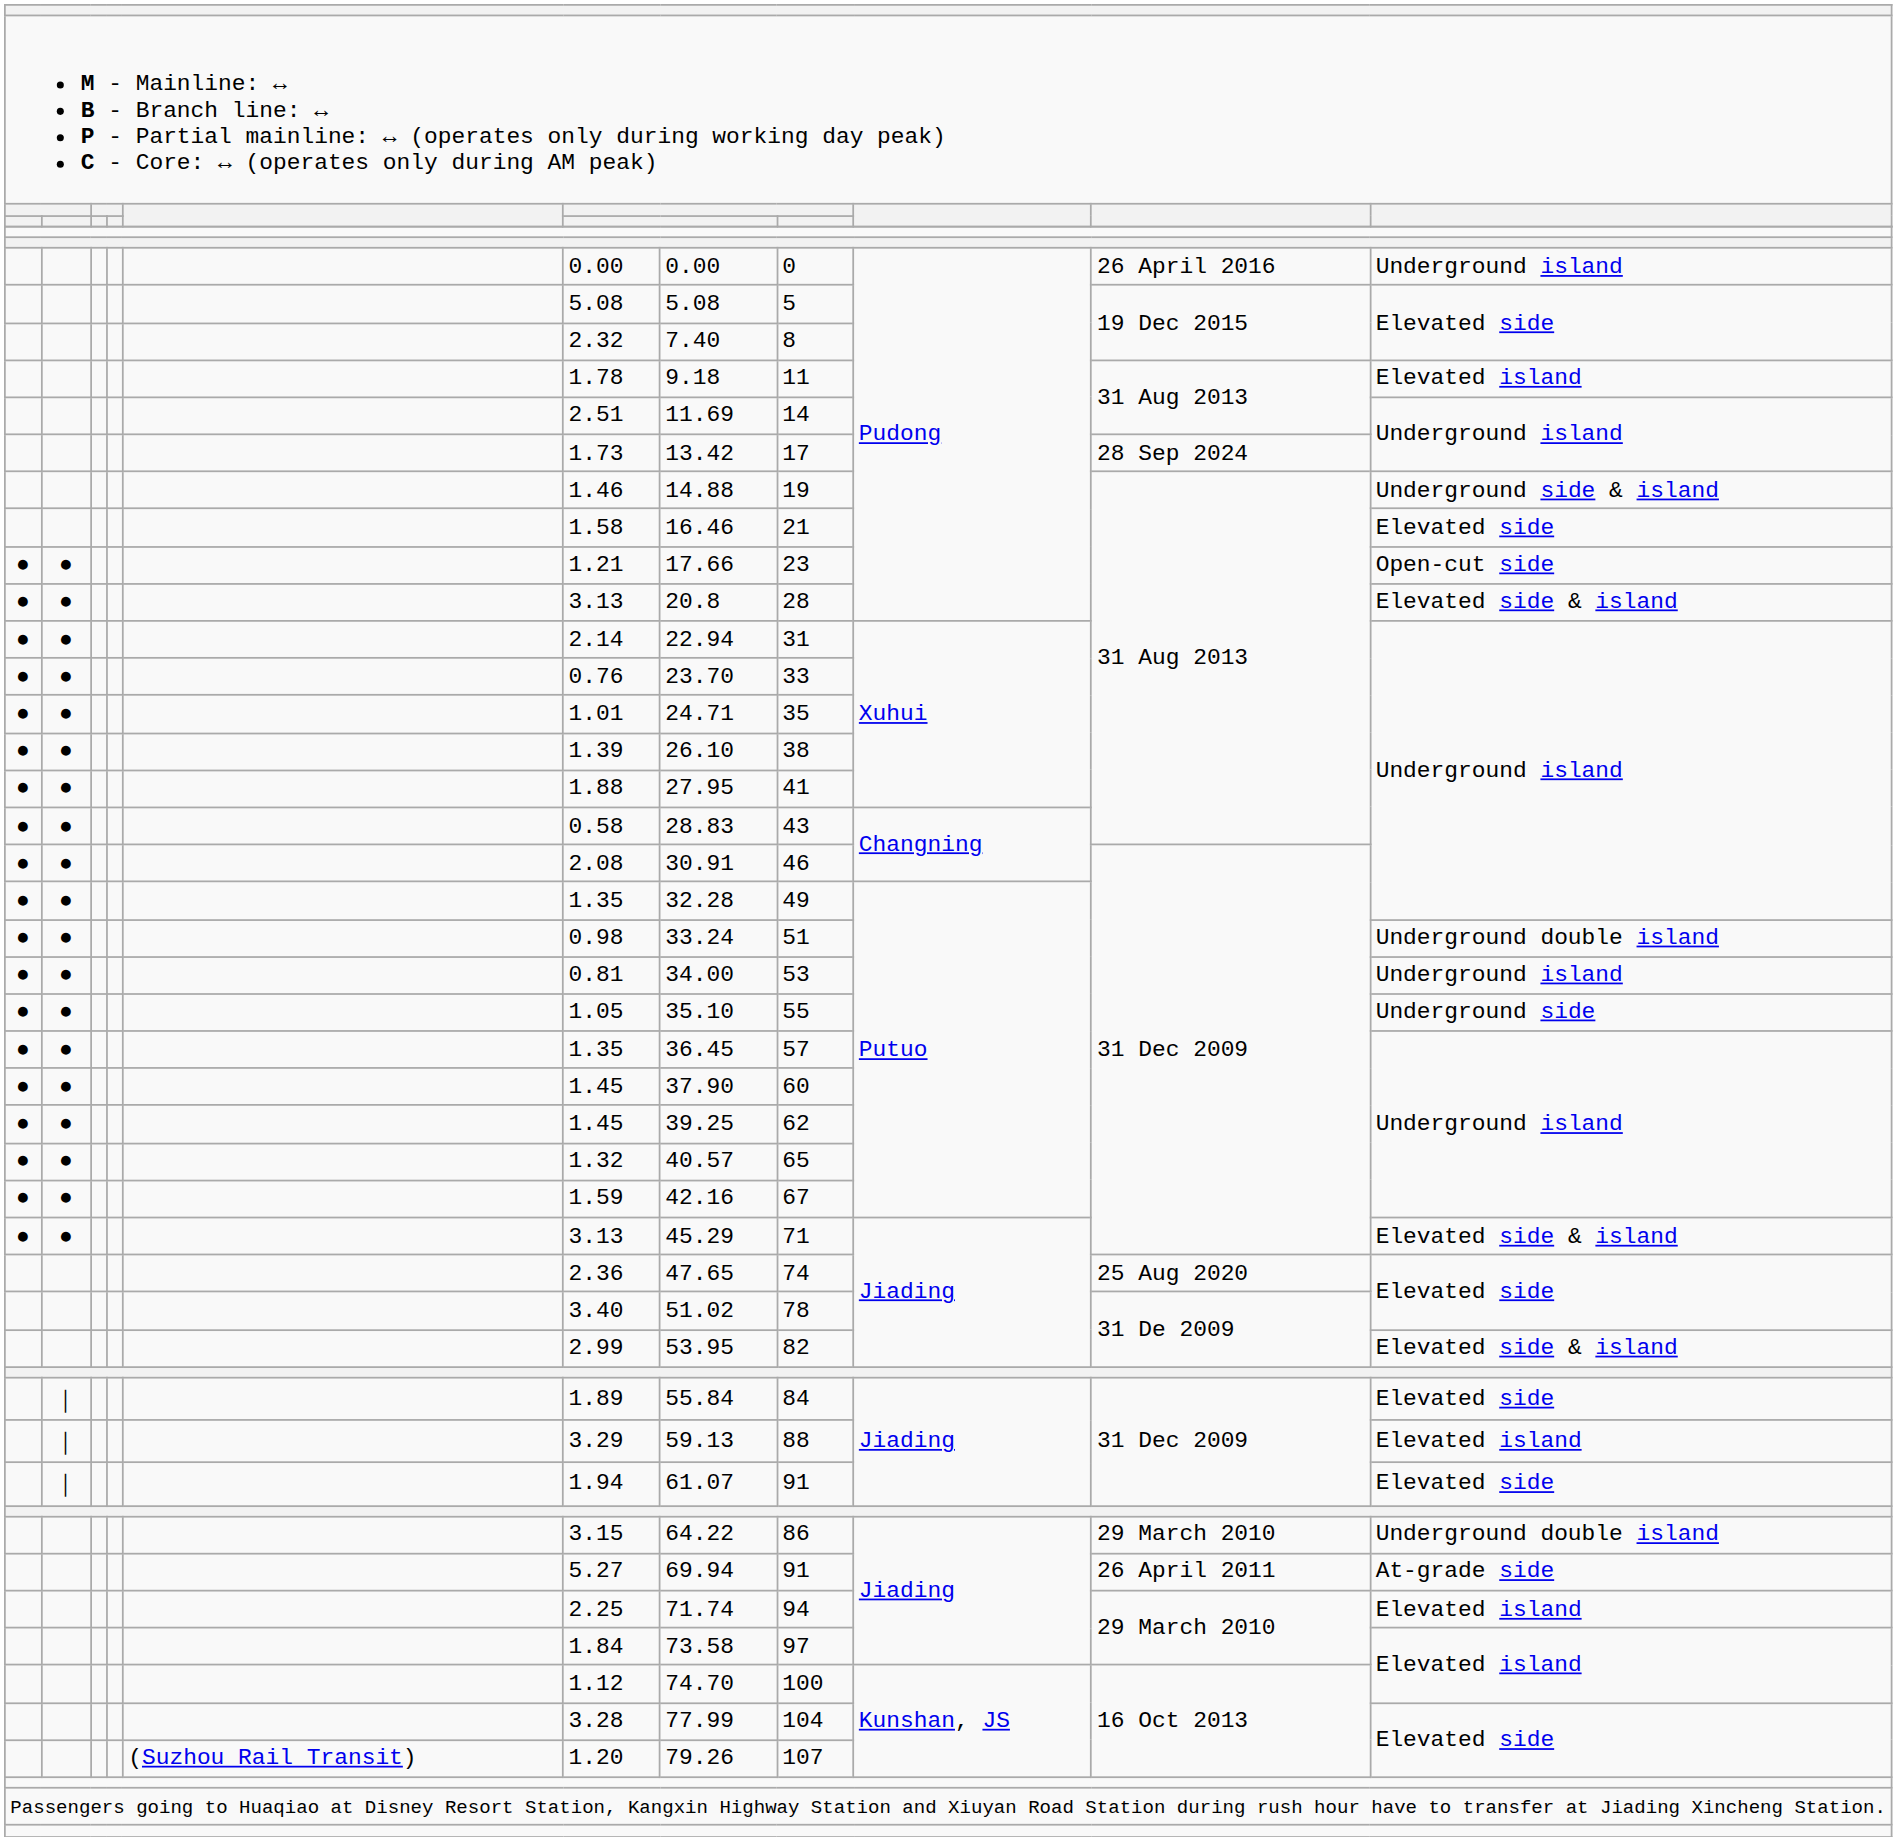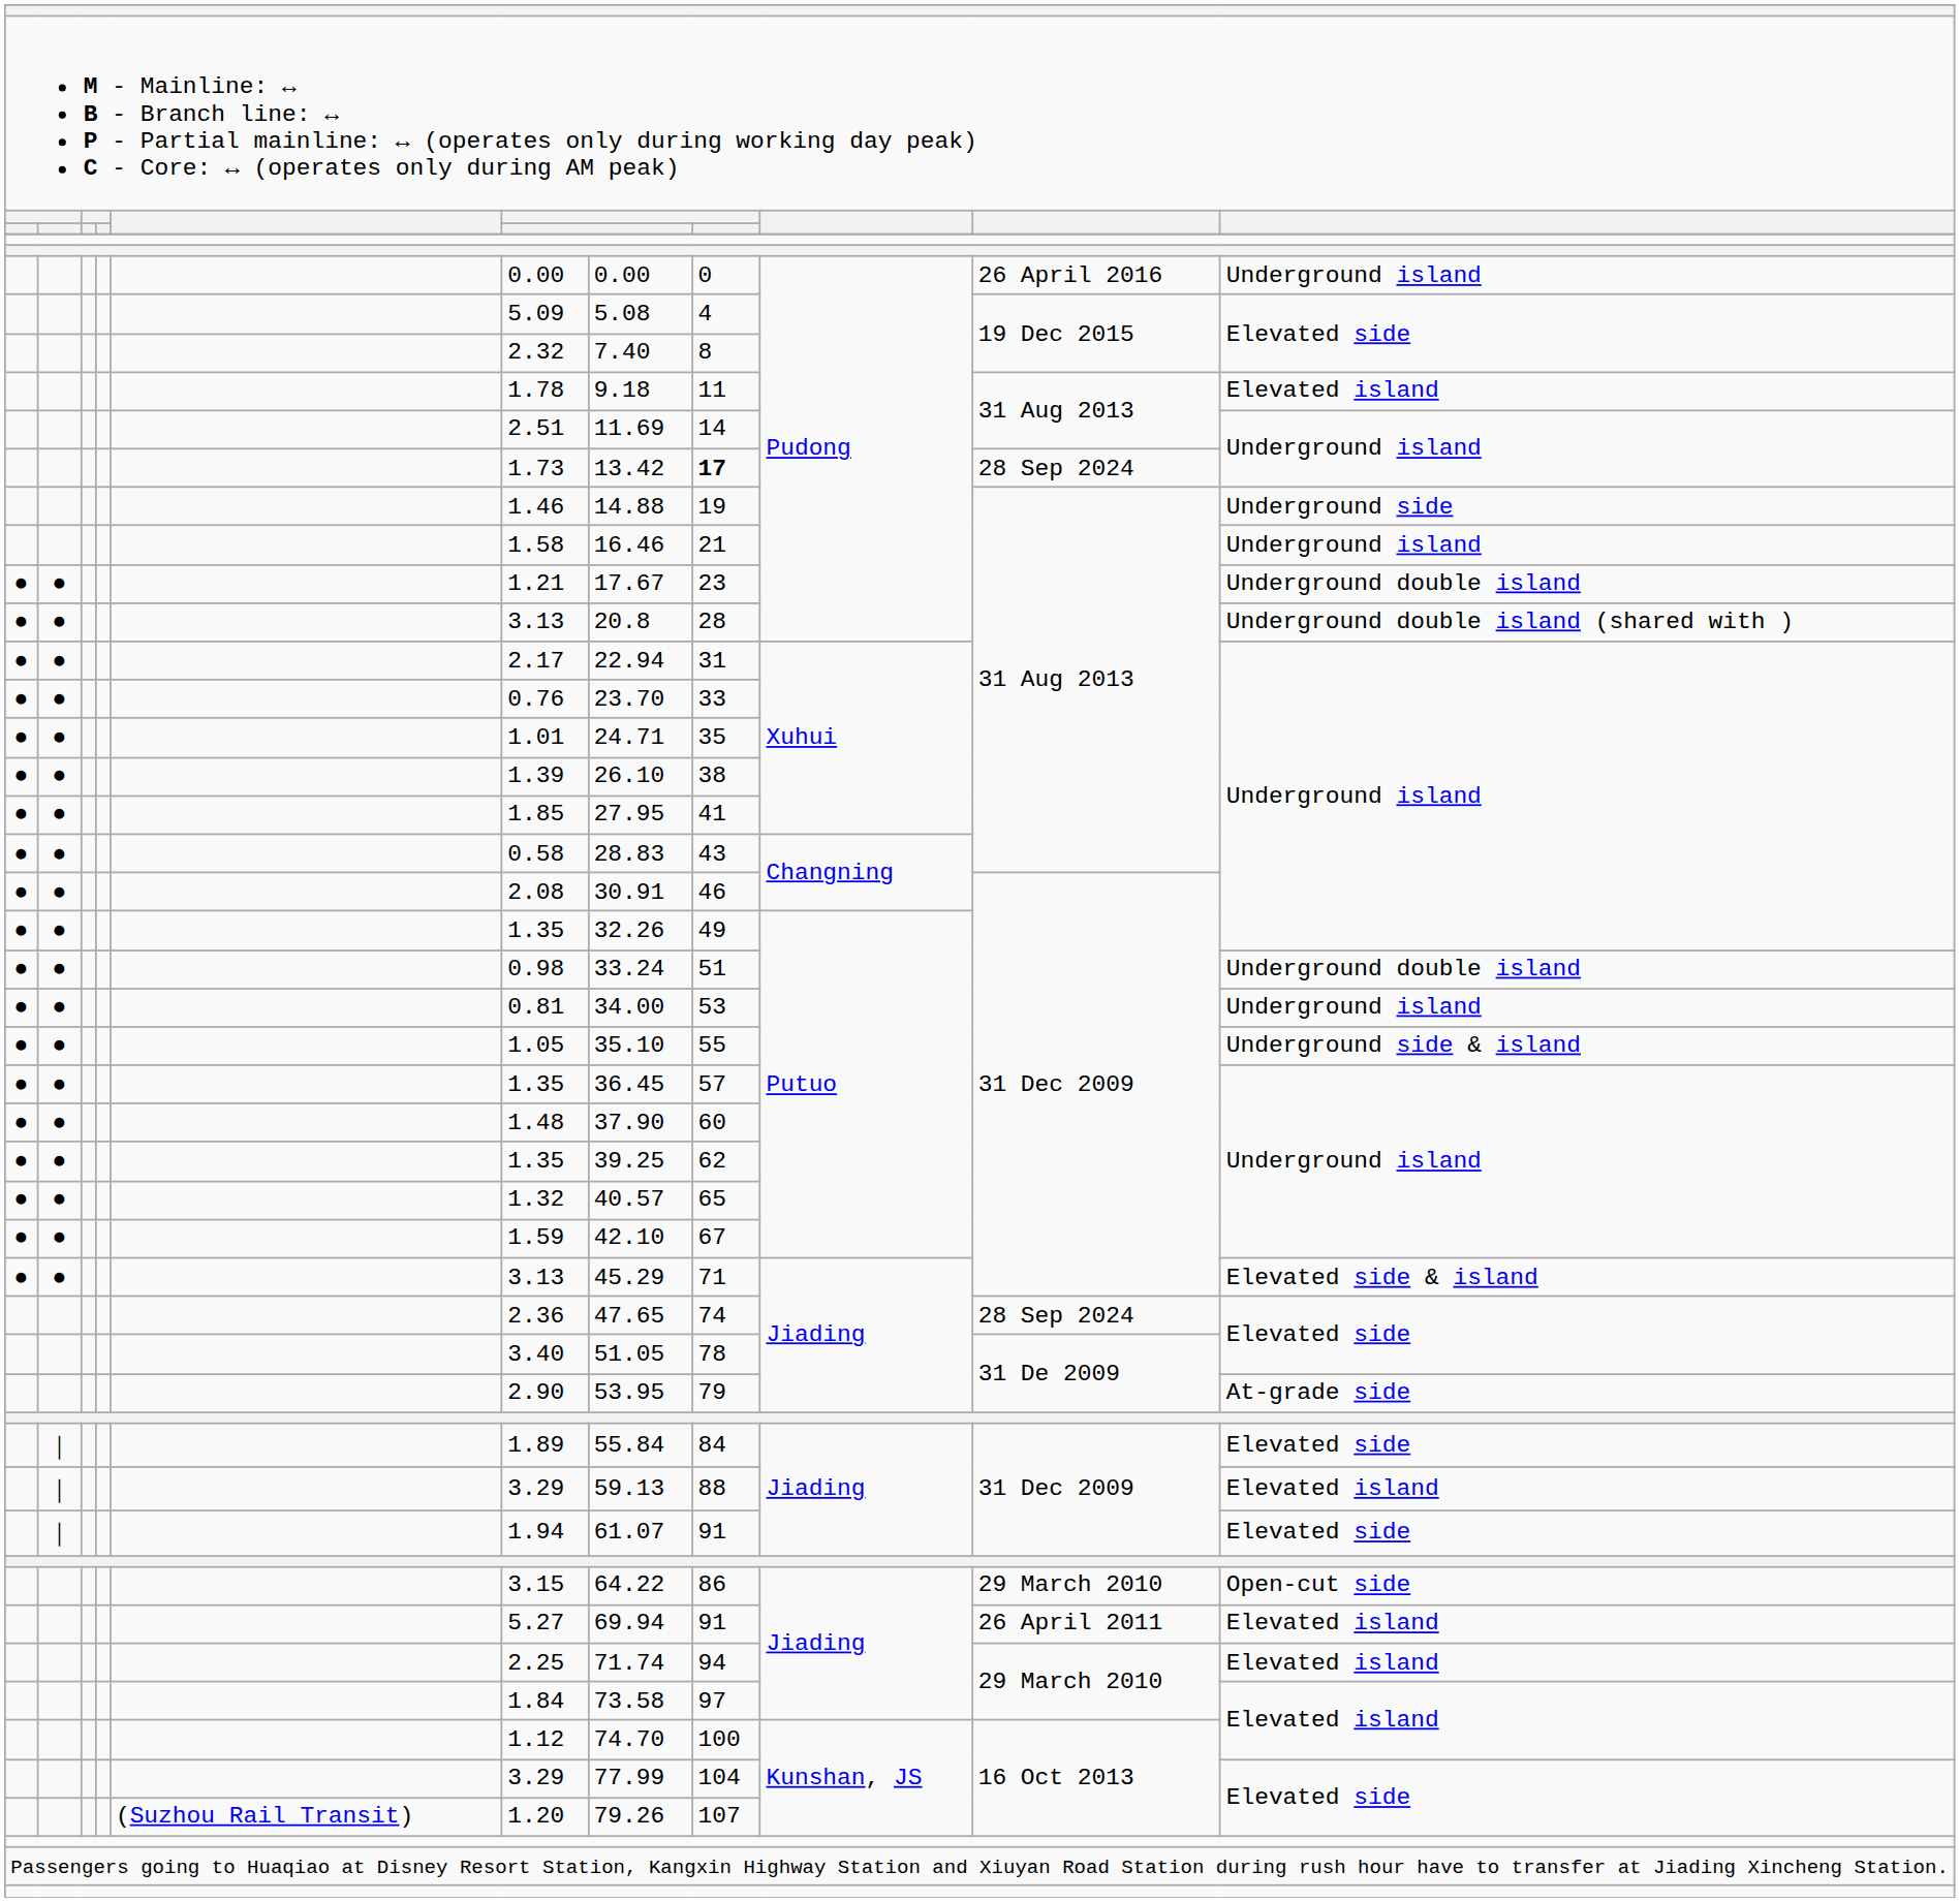 <table class="wikitable mw-collapsible sortable sticky-header" border="1" style="border-collapse: collapse;">
 <tr>
 <th colspan="11" style="text-align: center"></th>
 </tr>
 <tr>
 <td colspan="11" style="text-align: left"><br><ul><li><strong>M</strong> - Mainline:  ↔ </li><li><strong>B</strong> - Branch line:  ↔ </li><li><strong>P</strong> - Partial mainline:  ↔  (operates only during working day peak)</li><li><strong>C</strong> - Core:  ↔  (operates only during AM peak)</li></ul></td>
 </tr>
 <tr>
 <th rowspan="1" colspan="2"></th>
 <th colspan="2"></th>
 <th rowspan="2"></th>
 <th colspan="3" rowspan="1"></th>
 <th rowspan="2"></th>
 <th rowspan="2"></th>
 <th rowspan="2"></th>
 </tr>
 <tr>
 <th rowspan="1"></th>
 <th rowspan="1"></th>
 <th></th>
 <th></th>
 <th colspan="2"></th>
 <th></th>
 </tr>
 <tr>
 </tr>
 <tr style=height:.25pt>
 <td colspan=11></td>
 </tr>
 <tr style=background:#>
 <th colspan=11 style=background:#></th>
 </tr>
 <tr>
 <td align="center"></td>
 <td align="center"></td>
 <td></td>
 <td></td>
 <td></td>
 <td>0.00</td>
 <td>0.00</td>
 <td>0</td>
 <td rowspan=10><a href='#'>Pudong</a></td>
 <td>26 April 2016</td>
 <td>Underground <a href='#'>island</a></td>
 </tr>
 <tr>
 <td align="center"></td>
 <td align="center"></td>
 <td></td>
 <td></td>
 <td></td>
+<td>5.09</td>
 <td>5.08</td>
-<td>5.08</td>
-<td>5</td>
+<td>4</td>
 <td rowspan=2>19 Dec 2015</td>
 <td rowspan=2>Elevated <a href='#'>side</a></td>
 </tr>
 <tr>
 <td align="center"></td>
 <td align="center"></td>
 <td></td>
 <td></td>
 <td></td>
 <td>2.32</td>
 <td>7.40</td>
 <td>8</td>
 </tr>
 <tr>
 <td align="center"></td>
 <td align="center"></td>
 <td></td>
 <td></td>
 <td></td>
 <td>1.78</td>
 <td>9.18</td>
 <td>11</td>
 <td rowspan=2>31 Aug 2013</td>
 <td>Elevated <a href='#'>island</a></td>
 </tr>
 <tr>
 <td align="center"></td>
 <td align="center"></td>
 <td></td>
 <td></td>
 <td></td>
 <td>2.51</td>
 <td>11.69</td>
 <td>14</td>
 <td rowspan=2>Underground <a href='#'>island</a></td>
 </tr>
 <tr>
 <td align="center"></td>
 <td align="center"></td>
 <td></td>
 <td></td>
 <td></td>
 <td>1.73</td>
 <td>13.42</td>
-<td>17</td>
+<td><strong>17</strong></td>
 <td>28 Sep 2024</td>
 </tr>
 <tr>
 <td align="center"></td>
 <td align="center"></td>
 <td></td>
 <td></td>
 <td></td>
 <td>1.46</td>
 <td>14.88</td>
 <td>19</td>
 <td rowspan=10>31 Aug 2013</td>
-<td>Underground <a href='#'>side</a> & <a href='#'>island</a></td>
+<td>Underground <a href='#'>side</a></td>
 </tr>
 <tr>
 <td align="center"></td>
 <td align="center"></td>
 <td></td>
 <td></td>
 <td></td>
 <td>1.58</td>
 <td>16.46</td>
 <td>21</td>
-<td>Elevated <a href='#'>side</a></td>
+<td>Underground <a href='#'>island</a></td>
 </tr>
 <tr>
 <td align="center">●</td>
 <td align="center">●</td>
 <td></td>
 <td></td>
 <td></td>
 <td>1.21</td>
-<td>17.66</td>
+<td>17.67</td>
 <td>23</td>
-<td>Open-cut <a href='#'>side</a></td>
+<td rowspan=1>Underground double <a href='#'>island</a></td>
 </tr>
 <tr>
 <td align="center">●</td>
 <td align="center">●</td>
 <td></td>
 <td></td>
 <td> </td>
 <td>3.13</td>
 <td>20.8</td>
 <td>28</td>
-<td>Elevated <a href='#'>side</a> & <a href='#'>island</a></td>
+<td>Underground double <a href='#'>island</a> (shared with )</td>
 </tr>
 <tr>
 <td align="center">●</td>
 <td align="center">●</td>
 <td></td>
 <td></td>
 <td></td>
-<td>2.14</td>
+<td>2.17</td>
 <td>22.94</td>
 <td>31</td>
 <td rowspan=5><a href='#'>Xuhui</a></td>
 <td rowspan=8>Underground <a href='#'>island</a></td>
 </tr>
 <tr>
 <td align="center">●</td>
 <td align="center">●</td>
 <td></td>
 <td></td>
 <td></td>
 <td>0.76</td>
 <td>23.70</td>
 <td>33</td>
 </tr>
 <tr>
 <td align="center">●</td>
 <td align="center">●</td>
 <td></td>
 <td></td>
 <td></td>
 <td>1.01</td>
 <td>24.71</td>
 <td>35</td>
 </tr>
 <tr>
 <td align="center">●</td>
 <td align="center">●</td>
 <td></td>
 <td></td>
 <td></td>
 <td>1.39</td>
 <td>26.10</td>
 <td>38</td>
 </tr>
 <tr>
 <td align="center">●</td>
 <td align="center">●</td>
 <td></td>
 <td></td>
 <td> </td>
-<td>1.88</td>
+<td>1.85</td>
 <td>27.95</td>
 <td>41</td>
 </tr>
 <tr>
 <td align="center">●</td>
 <td align="center">●</td>
 <td></td>
 <td></td>
 <td></td>
 <td>0.58</td>
 <td>28.83</td>
 <td>43</td>
 <td rowspan=2><a href='#'>Changning</a></td>
 </tr>
 <tr>
 <td align="center">●</td>
 <td align="center">●</td>
 <td></td>
 <td></td>
 <td></td>
 <td>2.08</td>
 <td>30.91</td>
 <td>46</td>
 <td rowspan=11>31 Dec 2009</td>
 </tr>
 <tr>
 <td align="center">●</td>
 <td align="center">●</td>
 <td></td>
 <td></td>
 <td></td>
 <td>1.35</td>
-<td>32.28</td>
+<td>32.26</td>
 <td>49</td>
 <td rowspan=9><a href='#'>Putuo</a></td>
 </tr>
 <tr>
 <td align="center">●</td>
 <td align="center">●</td>
 <td></td>
 <td></td>
 <td>  </td>
 <td>0.98</td>
 <td>33.24</td>
 <td>51</td>
 <td>Underground double <a href='#'>island</a></td>
 </tr>
 <tr>
 <td align="center">●</td>
 <td align="center">●</td>
 <td></td>
 <td></td>
 <td></td>
 <td>0.81</td>
 <td>34.00</td>
 <td>53</td>
 <td>Underground <a href='#'>island</a></td>
 </tr>
 <tr>
 <td align="center">●</td>
 <td align="center">●</td>
 <td></td>
 <td></td>
 <td></td>
 <td>1.05</td>
 <td>35.10</td>
 <td>55</td>
-<td>Underground <a href='#'>side</a></td>
+<td>Underground <a href='#'>side</a> & <a href='#'>island</a></td>
 </tr>
 <tr>
 <td align="center">●</td>
 <td align="center">●</td>
 <td></td>
 <td></td>
 <td> </td>
 <td>1.35</td>
 <td>36.45</td>
 <td>57</td>
 <td rowspan=5>Underground <a href='#'>island</a></td>
 </tr>
 <tr>
 <td align="center">●</td>
 <td align="center">●</td>
 <td></td>
 <td></td>
 <td></td>
-<td>1.45</td>
+<td>1.48</td>
 <td>37.90</td>
 <td>60</td>
 </tr>
 <tr>
 <td align="center">●</td>
 <td align="center">●</td>
 <td></td>
 <td></td>
 <td></td>
-<td>1.45</td>
+<td>1.35</td>
 <td>39.25</td>
 <td>62</td>
 </tr>
 <tr>
 <td align="center">●</td>
 <td align="center">●</td>
 <td></td>
 <td></td>
 <td></td>
 <td>1.32</td>
 <td>40.57</td>
 <td>65</td>
 </tr>
 <tr>
 <td align="center">●</td>
 <td align="center">●</td>
 <td></td>
 <td></td>
 <td></td>
 <td>1.59</td>
-<td>42.16</td>
+<td>42.10</td>
 <td>67</td>
 </tr>
 <tr>
 <td align="center">●</td>
 <td align="center">●</td>
 <td></td>
 <td></td>
 <td></td>
 <td>3.13</td>
 <td>45.29</td>
 <td>71</td>
 <td rowspan=4><a href='#'>Jiading</a></td>
 <td>Elevated <a href='#'>side</a> & <a href='#'>island</a></td>
 </tr>
 <tr>
 <td align="center"></td>
 <td align="center"></td>
 <td></td>
 <td></td>
 <td></td>
 <td>2.36</td>
 <td>47.65</td>
 <td>74</td>
-<td>25 Aug 2020</td>
+<td>28 Sep 2024</td>
 <td rowspan=2>Elevated <a href='#'>side</a></td>
 </tr>
 <tr>
 <td align="center"></td>
 <td align="center"></td>
 <td></td>
 <td></td>
 <td></td>
 <td>3.40</td>
-<td>51.02</td>
+<td>51.05</td>
 <td>78</td>
 <td rowspan=2>31 De 2009</td>
 </tr>
 <tr>
 <td align="center"></td>
 <td align="center"></td>
 <td></td>
 <td></td>
 <td></td>
-<td>2.99</td>
+<td>2.90</td>
 <td>53.95</td>
-<td>82</td>
-<td>Elevated <a href='#'>side</a> & <a href='#'>island</a></td>
+<td>79</td>
+<td>At-grade <a href='#'>side</a></td>
 </tr>
 <tr style=background:#>
 <th colspan=11 style=background:#></th>
 </tr>
 <tr>
 <td align="center"></td>
 <td align="center">｜</td>
 <td></td>
 <td></td>
 <td></td>
 <td>1.89</td>
 <td>55.84</td>
 <td>84</td>
 <td rowspan=3><a href='#'>Jiading</a></td>
 <td rowspan=3>31 Dec 2009</td>
 <td>Elevated <a href='#'>side</a></td>
 </tr>
 <tr>
 <td align="center"></td>
 <td align="center">｜</td>
 <td></td>
 <td></td>
 <td></td>
 <td>3.29</td>
 <td>59.13</td>
 <td>88</td>
 <td>Elevated <a href='#'>island</a></td>
 </tr>
 <tr>
 <td align="center"></td>
 <td align="center">｜</td>
 <td></td>
 <td></td>
 <td></td>
 <td>1.94</td>
 <td>61.07</td>
 <td>91</td>
 <td>Elevated <a href='#'>side</a></td>
 </tr>
 <tr style=background:#>
 <th colspan=11 style=background:#></th>
 </tr>
 <tr>
 <td align="center"></td>
 <td align="center"></td>
 <td></td>
 <td></td>
 <td></td>
 <td>3.15</td>
 <td>64.22</td>
 <td>86</td>
 <td rowspan=4><a href='#'>Jiading</a></td>
 <td>29 March 2010</td>
-<td rowspan=1>Underground double <a href='#'>island</a></td>
+<td>Open-cut <a href='#'>side</a></td>
 </tr>
 <tr>
 <td align="center"></td>
 <td align="center"></td>
 <td></td>
 <td></td>
 <td></td>
 <td>5.27</td>
 <td>69.94</td>
 <td>91</td>
 <td>26 April 2011</td>
-<td>At-grade <a href='#'>side</a></td>
+<td>Elevated <a href='#'>island</a></td>
 </tr>
 <tr>
 <td align="center"></td>
 <td align="center"></td>
 <td></td>
 <td></td>
 <td></td>
 <td>2.25</td>
 <td>71.74</td>
 <td>94</td>
 <td rowspan=2>29 March 2010</td>
 <td>Elevated <a href='#'>island</a></td>
 </tr>
 <tr>
 <td align="center"></td>
 <td align="center"></td>
 <td></td>
 <td></td>
 <td></td>
 <td>1.84</td>
 <td>73.58</td>
 <td>97</td>
 <td rowspan=2>Elevated <a href='#'>island</a></td>
 </tr>
 <tr>
 <td align="center"></td>
 <td align="center"></td>
 <td></td>
 <td></td>
 <td></td>
 <td>1.12</td>
 <td>74.70</td>
 <td>100</td>
 <td rowspan=3><a href='#'>Kunshan</a>, <a href='#'>JS</a></td>
 <td rowspan=3>16 Oct 2013</td>
 </tr>
 <tr>
 <td align="center"></td>
 <td align="center"></td>
 <td></td>
 <td></td>
 <td></td>
-<td>3.28</td>
+<td>3.29</td>
 <td>77.99</td>
 <td>104</td>
 <td rowspan=2>Elevated <a href='#'>side</a></td>
 </tr>
 <tr>
 <td align="center"></td>
 <td align="center"></td>
 <td></td>
 <td></td>
 <td>  (<a href='#'>Suzhou Rail Transit</a>)</td>
 <td>1.20</td>
 <td>79.26</td>
 <td>107</td>
 </tr>
 <tr style="background:#">
 <td colspan = "11"></td>
 </tr>
 <tr>
 <td colspan = "11"><small>Passengers going to Huaqiao at Disney Resort Station, Kangxin Highway Station and Xiuyan Road Station during rush hour have to transfer at Jiading Xincheng Station.</small><br></td>
 </tr>
 <tr style="background: #">
 <td colspan = "11"></td>
 </tr>
 </table>
